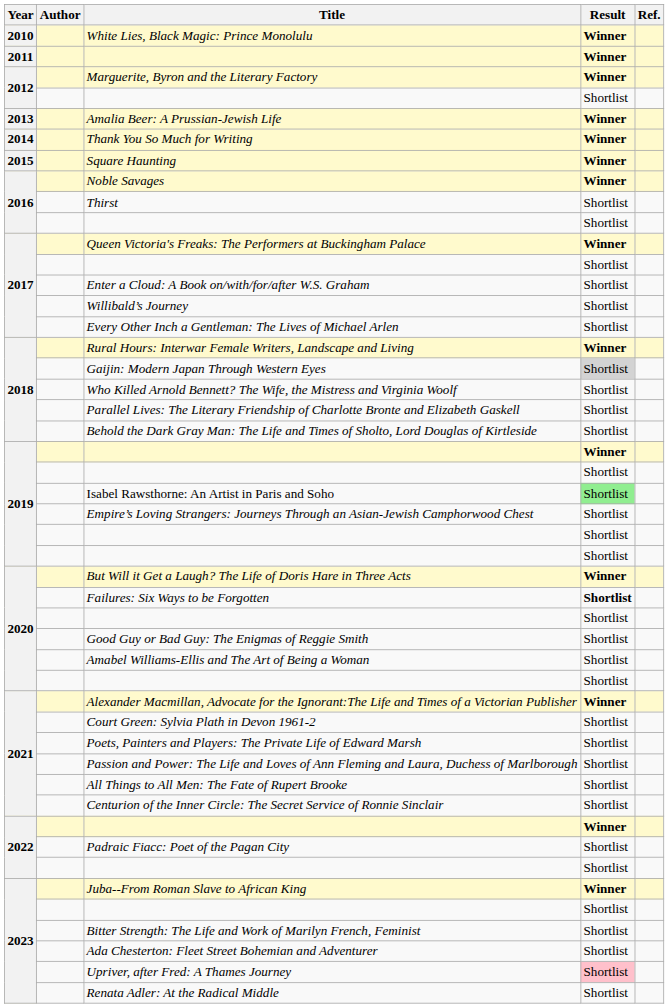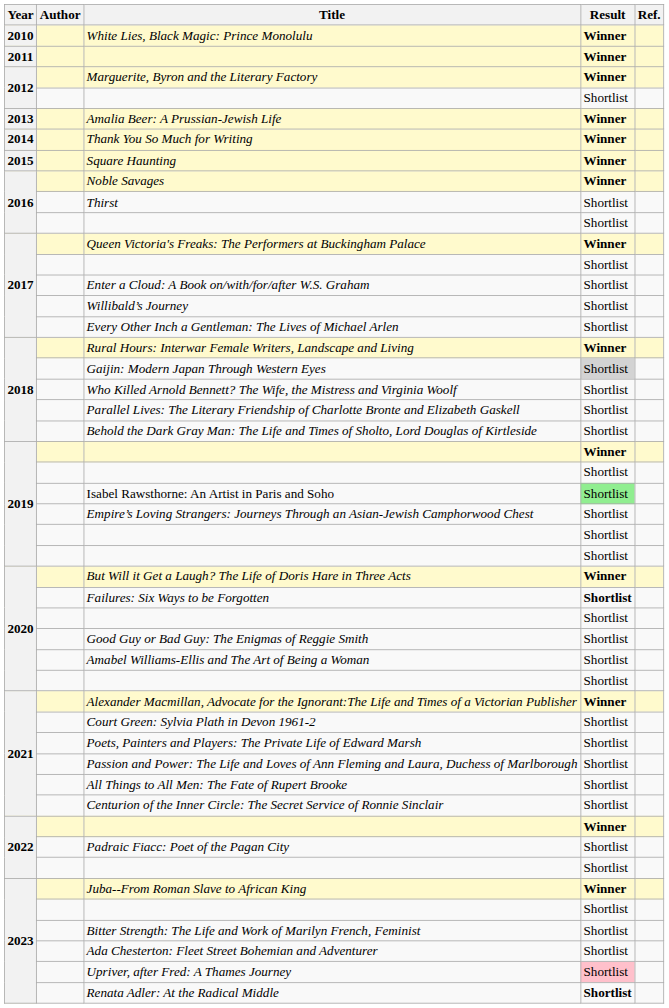 <table class="wikitable">
 <tr>
 <th>Year</th>
 <th>Author</th>
 <th>Title</th>
 <th>Result</th>
 <th>Ref.</th>
 </tr>
 <tr style=background:LemonChiffon; color:black>
 <th>2010</th>
 <td></td>
 <td><em>White Lies, Black Magic: Prince Monolulu</em></td>
 <td><strong>Winner</strong></td>
 <td></td>
 </tr>
 <tr style=background:LemonChiffon; color:black>
 <th>2011</th>
 <td></td>
 <td></td>
 <td><strong>Winner</strong></td>
 <td></td>
 </tr>
 <tr style=background:LemonChiffon; color:black>
 <th rowspan="2">2012</th>
 <td></td>
 <td><em>Marguerite, Byron and the Literary Factory</em></td>
 <td><strong>Winner</strong></td>
 <td></td>
 </tr>
 <tr>
 <td></td>
 <td></td>
 <td>Shortlist</td>
 <td></td>
 </tr>
 <tr style=background:LemonChiffon; color:black>
 <th>2013</th>
 <td></td>
 <td><em>Amalia Beer: A Prussian-Jewish Life</em></td>
 <td><strong>Winner</strong></td>
 <td></td>
 </tr>
 <tr style=background:LemonChiffon; color:black>
 <th>2014</th>
 <td></td>
 <td><em>Thank You So Much for Writing</em></td>
 <td><strong>Winner</strong></td>
 <td></td>
 </tr>
 <tr style=background:LemonChiffon; color:black>
 <th>2015</th>
 <td></td>
 <td><em>Square Haunting</em></td>
 <td><strong>Winner</strong></td>
 <td></td>
 </tr>
 <tr style=background:LemonChiffon; color:black>
 <th rowspan="3">2016</th>
 <td></td>
 <td><em>Noble Savages</em></td>
 <td><strong>Winner</strong></td>
 <td></td>
 </tr>
 <tr>
 <td></td>
 <td><em>Thirst</em></td>
 <td>Shortlist</td>
 <td></td>
 </tr>
 <tr>
 <td></td>
 <td></td>
 <td>Shortlist</td>
 <td></td>
 </tr>
 <tr style=background:LemonChiffon; color:black>
 <th rowspan="5">2017</th>
 <td></td>
 <td><em>Queen Victoria's Freaks: The Performers at Buckingham Palace</em></td>
 <td><strong>Winner</strong></td>
 <td></td>
 </tr>
 <tr>
 <td></td>
 <td></td>
 <td>Shortlist</td>
 <td></td>
 </tr>
 <tr>
 <td></td>
 <td><em>Enter a Cloud: A Book on/with/for/after W.S. Graham</em></td>
 <td>Shortlist</td>
 <td></td>
 </tr>
 <tr>
 <td></td>
 <td><em>Willibald’s Journey</em></td>
 <td>Shortlist</td>
 <td></td>
 </tr>
 <tr>
 <td></td>
 <td><em>Every Other Inch a Gentleman: The Lives of Michael Arlen</em></td>
 <td>Shortlist</td>
 <td></td>
 </tr>
 <tr style=background:LemonChiffon; color:black>
 <th rowspan="5">2018</th>
 <td></td>
 <td><em>Rural Hours: Interwar Female Writers, Landscape and Living</em></td>
 <td><strong>Winner</strong></td>
 <td></td>
 </tr>
 <tr>
 <td></td>
 <td><em>Gaijin: Modern Japan Through Western Eyes</em></td>
 <td style="background: lightgrey;">Shortlist</td>
 <td></td>
 </tr>
 <tr>
 <td></td>
 <td><em>Who Killed Arnold Bennett? The Wife, the Mistress and Virginia Woolf</em></td>
 <td>Shortlist</td>
 <td></td>
 </tr>
 <tr>
 <td></td>
 <td><em>Parallel Lives: The Literary Friendship of Charlotte Bronte and Elizabeth Gaskell</em></td>
 <td>Shortlist</td>
 <td></td>
 </tr>
 <tr>
 <td></td>
 <td><em>Behold the Dark Gray Man: The Life and Times of Sholto, Lord Douglas of Kirtleside</em></td>
 <td>Shortlist</td>
 <td></td>
 </tr>
 <tr style=background:LemonChiffon; color:black>
 <th rowspan="6">2019</th>
 <td></td>
 <td></td>
 <td><strong>Winner</strong></td>
 <td></td>
 </tr>
 <tr>
 <td></td>
 <td></td>
 <td>Shortlist</td>
 <td></td>
 </tr>
 <tr>
 <td></td>
 <td>Isabel Rawsthorne: An Artist in Paris and Soho</td>
 <td style="background: lightgreen;">Shortlist</td>
 <td></td>
 </tr>
 <tr>
 <td></td>
 <td><em>Empire’s Loving Strangers: Journeys Through an Asian-Jewish Camphorwood Chest</em></td>
 <td>Shortlist</td>
 <td></td>
 </tr>
 <tr>
 <td></td>
 <td></td>
 <td>Shortlist</td>
 <td></td>
 </tr>
 <tr>
 <td></td>
 <td></td>
 <td>Shortlist</td>
 <td></td>
 </tr>
 <tr style=background:LemonChiffon; color:black>
 <th rowspan="6">2020</th>
 <td></td>
 <td><em>But Will it Get a Laugh? The Life of Doris Hare in Three Acts</em></td>
 <td><strong>Winner</strong></td>
 <td></td>
 </tr>
 <tr>
 <td></td>
 <td><em>Failures: Six Ways to be Forgotten</em></td>
 <td><strong>Shortlist</strong></td>
 <td></td>
 </tr>
 <tr>
 <td></td>
 <td></td>
 <td>Shortlist</td>
 <td></td>
 </tr>
 <tr>
 <td></td>
 <td><em>Good Guy or Bad Guy: The Enigmas of Reggie Smith</em></td>
 <td>Shortlist</td>
 <td></td>
 </tr>
 <tr>
 <td></td>
 <td><em>Amabel Williams-Ellis and The Art of Being a Woman</em></td>
 <td>Shortlist</td>
 <td></td>
 </tr>
 <tr>
 <td></td>
 <td></td>
 <td>Shortlist</td>
 <td></td>
 </tr>
 <tr style=background:LemonChiffon; color:black>
 <th rowspan="6">2021</th>
 <td></td>
 <td><em>Alexander Macmillan, Advocate for the Ignorant:The Life and Times of a Victorian Publisher</em></td>
 <td><strong>Winner</strong></td>
 <td></td>
 </tr>
 <tr>
 <td></td>
 <td><em>Court Green: Sylvia Plath in Devon 1961-2</em></td>
 <td>Shortlist</td>
 <td></td>
 </tr>
 <tr>
 <td></td>
 <td><em>Poets, Painters and Players: The Private Life of Edward Marsh</em></td>
 <td>Shortlist</td>
 <td></td>
 </tr>
 <tr>
 <td></td>
 <td><em>Passion and Power: The Life and Loves of Ann Fleming and Laura, Duchess of Marlborough</em></td>
 <td>Shortlist</td>
 <td></td>
 </tr>
 <tr>
 <td></td>
 <td><em>All Things to All Men: The Fate of Rupert Brooke</em></td>
 <td>Shortlist</td>
 <td></td>
 </tr>
 <tr>
 <td></td>
 <td><em>Centurion of the Inner Circle: The Secret Service of Ronnie Sinclair</em></td>
 <td>Shortlist</td>
 <td></td>
 </tr>
 <tr style=background:LemonChiffon; color:black>
 <th rowspan="3">2022</th>
 <td></td>
 <td></td>
 <td><strong>Winner</strong></td>
 <td></td>
 </tr>
 <tr>
 <td></td>
 <td><em>Padraic Fiacc: Poet of the Pagan City</em></td>
 <td>Shortlist</td>
 <td></td>
 </tr>
 <tr>
 <td></td>
 <td></td>
 <td>Shortlist</td>
 <td></td>
 </tr>
 <tr style="background:LemonChiffon;" color:black>
 <th rowspan="6">2023</th>
 <td></td>
 <td><em>Juba--From Roman Slave to African King</em></td>
 <td><strong>Winner</strong></td>
 <td></td>
 </tr>
 <tr>
 <td></td>
 <td></td>
 <td>Shortlist</td>
 <td></td>
 </tr>
 <tr>
 <td></td>
 <td><em>Bitter Strength: The Life and Work of Marilyn French, Feminist</em></td>
 <td>Shortlist</td>
 <td></td>
 </tr>
 <tr>
 <td></td>
 <td><em>Ada Chesterton: Fleet Street Bohemian and Adventurer</em></td>
 <td>Shortlist</td>
 <td></td>
 </tr>
 <tr>
 <td></td>
 <td><em>Upriver, after Fred: A Thames Journey</em></td>
 <td style="background: pink;">Shortlist</td>
 <td></td>
 </tr>
 <tr>
 <td></td>
 <td><em>Renata Adler: At the Radical Middle</em></td>
-<td>Shortlist</td>
+<td><strong>Shortlist</strong></td>
 <td></td>
 </tr>
 </table>
